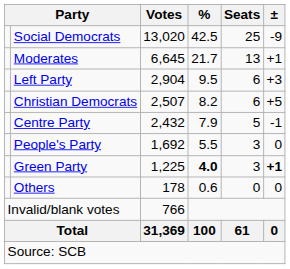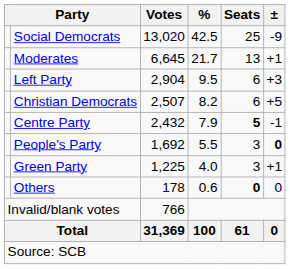 <table class=wikitable style=text-align:right>
 <tr>
 <th colspan=2>Party</th>
 <th>Votes</th>
 <th>%</th>
 <th>Seats</th>
 <th>±</th>
 </tr>
 <tr>
 <td bgcolor=></td>
 <td align=left><a href='#'>Social Democrats</a></td>
 <td>13,020</td>
 <td>42.5</td>
 <td>25</td>
 <td>-9</td>
 </tr>
 <tr>
 <td bgcolor=></td>
 <td align=left><a href='#'>Moderates</a></td>
 <td>6,645</td>
 <td>21.7</td>
 <td>13</td>
 <td>+1</td>
 </tr>
 <tr>
 <td bgcolor=></td>
 <td align=left><a href='#'>Left Party</a></td>
 <td>2,904</td>
 <td>9.5</td>
 <td>6</td>
 <td>+3</td>
 </tr>
 <tr>
 <td bgcolor=></td>
 <td align=left><a href='#'>Christian Democrats</a></td>
 <td>2,507</td>
 <td>8.2</td>
 <td>6</td>
 <td>+5</td>
 </tr>
 <tr>
 <td bgcolor=></td>
 <td align=left><a href='#'>Centre Party</a></td>
 <td>2,432</td>
 <td>7.9</td>
-<td>5</td>
+<td><strong>5</strong></td>
 <td>-1</td>
 </tr>
 <tr>
 <td bgcolor=></td>
 <td align=left><a href='#'>People's Party</a></td>
 <td>1,692</td>
 <td>5.5</td>
 <td>3</td>
-<td>0</td>
+<td><strong>0</strong></td>
 </tr>
 <tr>
 <td bgcolor=></td>
 <td align=left><a href='#'>Green Party</a></td>
 <td>1,225</td>
-<td><strong>4.0</strong></td>
+<td>4.0</td>
 <td>3</td>
-<td><strong>+1</strong></td>
+<td>+1</td>
 </tr>
 <tr>
 <td></td>
 <td align=left><a href='#'>Others</a></td>
 <td>178</td>
 <td>0.6</td>
-<td>0</td>
+<td><strong>0</strong></td>
 <td>0</td>
 </tr>
 <tr>
 <td align=left colspan=2>Invalid/blank votes</td>
 <td>766</td>
 <td colspan=3></td>
 </tr>
 <tr>
 <th align=left colspan=2>Total</th>
 <th>31,369</th>
 <th>100</th>
 <th>61</th>
 <th>0</th>
 </tr>
 <tr>
 <td align=left colspan=6>Source: SCB </td>
 </tr>
 </table>
